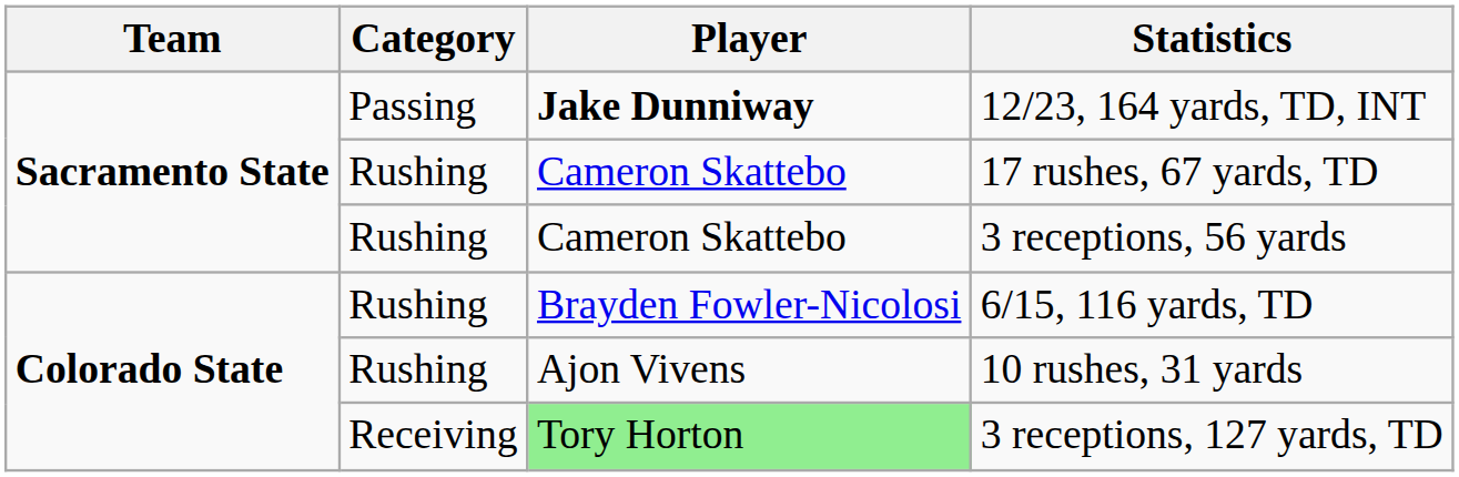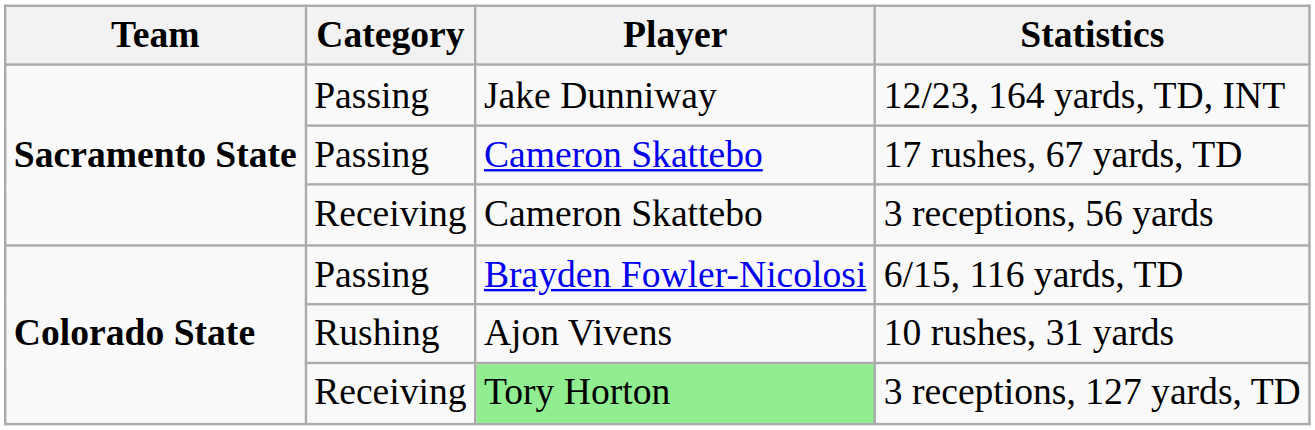 <table class="wikitable" style="float: left;">
 <tr>
 <th>Team</th>
 <th>Category</th>
 <th>Player</th>
 <th>Statistics</th>
 </tr>
 <tr>
 <td rowspan=3><strong>Sacramento State</strong></td>
 <td>Passing</td>
-<td><strong>Jake Dunniway</strong></td>
+<td>Jake Dunniway</td>
 <td>12/23, 164 yards, TD, INT</td>
 </tr>
 <tr>
-<td>Rushing</td>
+<td>Passing</td>
 <td><a href='#'>Cameron Skattebo</a></td>
 <td>17 rushes, 67 yards, TD</td>
 </tr>
 <tr>
-<td>Rushing</td>
+<td>Receiving</td>
 <td>Cameron Skattebo</td>
 <td>3 receptions, 56 yards</td>
 </tr>
 <tr>
 <td rowspan=3><strong>Colorado State</strong></td>
-<td>Rushing</td>
+<td>Passing</td>
 <td><a href='#'>Brayden Fowler-Nicolosi</a></td>
 <td>6/15, 116 yards, TD</td>
 </tr>
 <tr>
 <td>Rushing</td>
 <td>Ajon Vivens</td>
 <td>10 rushes, 31 yards</td>
 </tr>
 <tr>
 <td>Receiving</td>
 <td style="background: lightgreen;">Tory Horton</td>
 <td>3 receptions, 127 yards, TD</td>
 </tr>
 </table>
